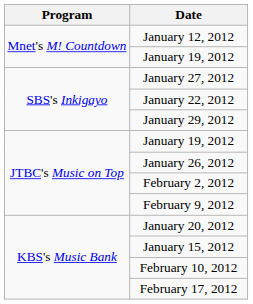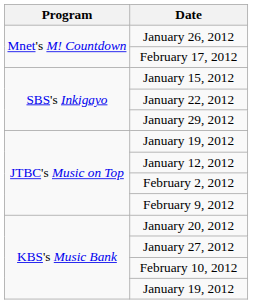 <table class="wikitable" style="text-align:center">
 <tr>
 <th>Program</th>
 <th width="135">Date</th>
 </tr>
 <tr>
 <td rowspan="2"><a href='#'>Mnet</a>'s <em><a href='#'>M! Countdown</a></em></td>
-<td>January 12, 2012</td>
+<td>January 26, 2012</td>
 </tr>
 <tr>
-<td>January 19, 2012</td>
+<td>February 17, 2012</td>
 </tr>
 <tr>
 <td rowspan="3"><a href='#'>SBS</a>'s <em><a href='#'>Inkigayo</a></em></td>
-<td>January 27, 2012</td>
+<td>January 15, 2012</td>
 </tr>
 <tr>
 <td>January 22, 2012</td>
 </tr>
 <tr>
 <td>January 29, 2012</td>
 </tr>
 <tr>
 <td rowspan="4"><a href='#'>JTBC</a>'s <em><a href='#'>Music on Top</a></em></td>
 <td>January 19, 2012</td>
 </tr>
 <tr>
-<td>January 26, 2012</td>
+<td>January 12, 2012</td>
 </tr>
 <tr>
 <td>February 2, 2012</td>
 </tr>
 <tr>
 <td>February 9, 2012</td>
 </tr>
 <tr>
 <td rowspan="4"><a href='#'>KBS</a>'s <em><a href='#'>Music Bank</a></em></td>
 <td>January 20, 2012</td>
 </tr>
 <tr>
-<td>January 15, 2012</td>
+<td>January 27, 2012</td>
 </tr>
 <tr>
 <td>February 10, 2012</td>
 </tr>
 <tr>
-<td>February 17, 2012</td>
+<td>January 19, 2012</td>
 </tr>
 </table>
